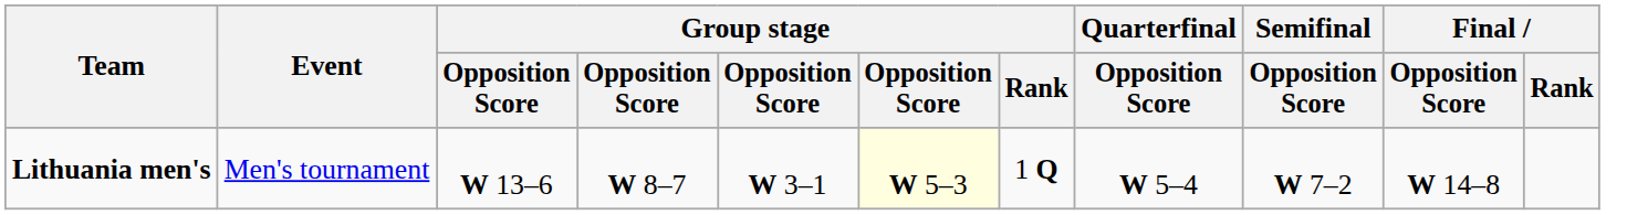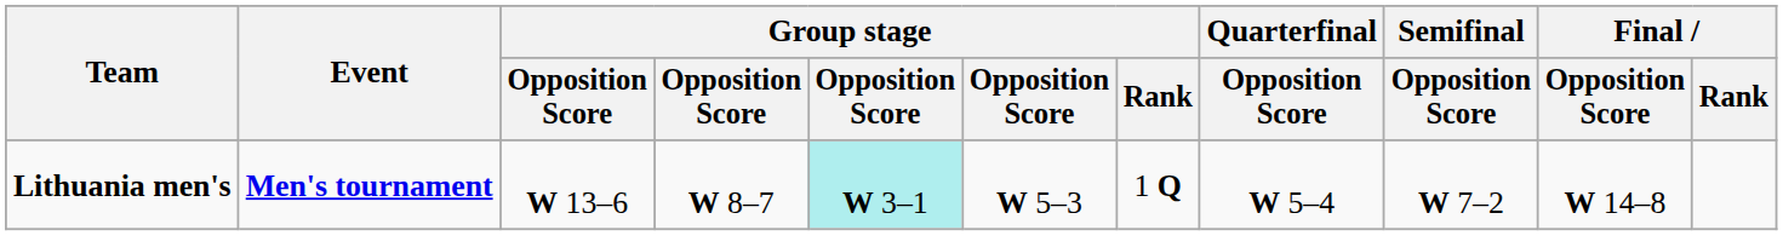 <table class="wikitable" style="font-size:90%">
 <tr>
 <th rowspan=2>Team</th>
 <th rowspan=2>Event</th>
 <th colspan=5>Group stage</th>
 <th>Quarterfinal</th>
 <th>Semifinal</th>
 <th colspan=2>Final / </th>
 </tr>
 <tr style="font-size:95%">
 <th>Opposition<br>Score</th>
 <th>Opposition<br>Score</th>
 <th>Opposition<br>Score</th>
 <th>Opposition<br>Score</th>
 <th>Rank</th>
 <th>Opposition<br>Score</th>
 <th>Opposition<br>Score</th>
 <th>Opposition<br>Score</th>
 <th>Rank</th>
 </tr>
 <tr align=center>
 <td align=left><strong>Lithuania men's</strong></td>
-<td align=left><a href='#'>Men's tournament</a></td>
+<td align=left><strong><a href='#'>Men's tournament</a></strong></td>
 <td><br><strong>W</strong> 13–6</td>
 <td><br><strong>W</strong> 8–7</td>
-<td><br><strong>W</strong> 3–1</td>
-<td style="background: lightyellow;"><br><strong>W</strong> 5–3</td>
+<td style="background: paleturquoise;"><br><strong>W</strong> 3–1</td>
+<td><br><strong>W</strong> 5–3</td>
 <td>1 <strong>Q</strong></td>
 <td><br><strong>W</strong> 5–4</td>
 <td><br><strong>W</strong> 7–2</td>
 <td><br><strong>W</strong> 14–8</td>
 <td></td>
 </tr>
 </table>
